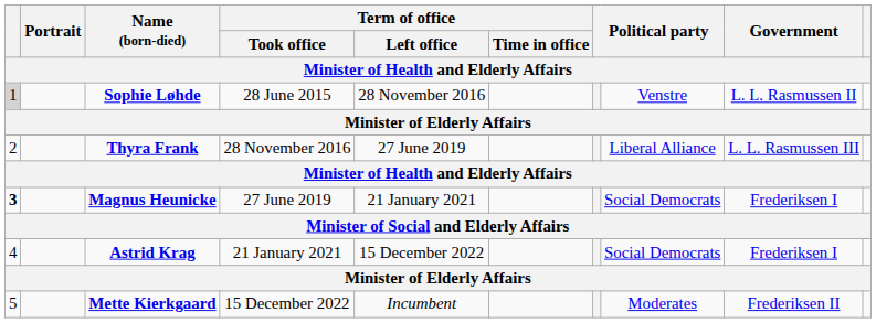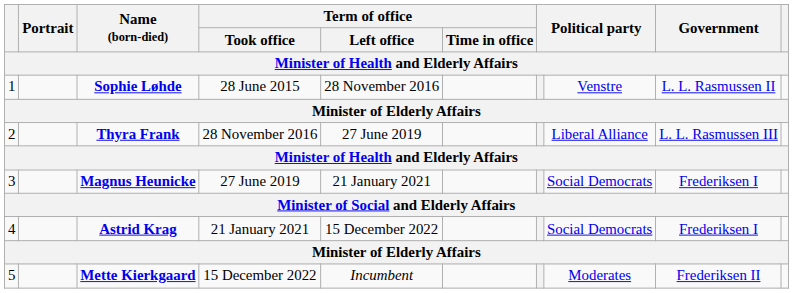 <table class="wikitable" style="text-align:center;">
 <tr>
 <th rowspan=2></th>
 <th rowspan=2>Portrait</th>
 <th rowspan=2>Name<br><small>(born-died)</small></th>
 <th colspan=3>Term of office</th>
 <th colspan=2 rowspan=2>Political party</th>
 <th rowspan=2>Government</th>
 <th rowspan=2></th>
 </tr>
 <tr>
 <th>Took office</th>
 <th>Left office</th>
 <th>Time in office</th>
 </tr>
 <tr>
 <th colspan=10><a href='#'>Minister of Health</a> and Elderly Affairs<br></th>
 </tr>
 <tr>
-<td style="background: lightgrey;">1</td>
+<td>1</td>
 <td></td>
 <td><strong><a href='#'>Sophie Løhde</a></strong><br></td>
 <td>28 June 2015</td>
 <td>28 November 2016</td>
 <td></td>
 <th style="background:"></th>
 <td><a href='#'>Venstre</a></td>
 <td><a href='#'>L. L. Rasmussen II</a></td>
 <td></td>
 </tr>
 <tr>
 <th colspan=10>Minister of Elderly Affairs<br></th>
 </tr>
 <tr>
 <td>2</td>
 <td></td>
 <td><strong><a href='#'>Thyra Frank</a></strong><br></td>
 <td>28 November 2016</td>
 <td>27 June 2019</td>
 <td></td>
 <th style="background:"></th>
 <td><a href='#'>Liberal Alliance</a></td>
 <td><a href='#'>L. L. Rasmussen III</a></td>
 <td></td>
 </tr>
 <tr>
 <th colspan=10><a href='#'>Minister of Health</a> and Elderly Affairs<br></th>
 </tr>
 <tr>
-<td><strong>3</strong></td>
+<td>3</td>
 <td></td>
 <td><strong><a href='#'>Magnus Heunicke</a></strong><br></td>
 <td>27 June 2019</td>
 <td>21 January 2021</td>
 <td></td>
 <th style="background:"></th>
 <td><a href='#'>Social Democrats</a></td>
 <td><a href='#'>Frederiksen I</a></td>
 <td></td>
 </tr>
 <tr>
 <th colspan=10><a href='#'>Minister of Social</a> and Elderly Affairs<br></th>
 </tr>
 <tr>
 <td>4</td>
 <td></td>
 <td><strong><a href='#'>Astrid Krag</a></strong><br></td>
 <td>21 January 2021</td>
 <td>15 December 2022</td>
 <td></td>
 <th style="background:"></th>
 <td><a href='#'>Social Democrats</a></td>
 <td><a href='#'>Frederiksen I</a></td>
 <td></td>
 </tr>
 <tr>
 <th colspan=10>Minister of Elderly Affairs<br></th>
 </tr>
 <tr>
 <td>5</td>
 <td></td>
 <td><strong><a href='#'>Mette Kierkgaard</a></strong><br></td>
 <td>15 December 2022</td>
 <td><em>Incumbent</em></td>
 <td></td>
 <th style="background:"></th>
 <td><a href='#'>Moderates</a></td>
 <td><a href='#'>Frederiksen II</a></td>
 <td></td>
 </tr>
 </table>
